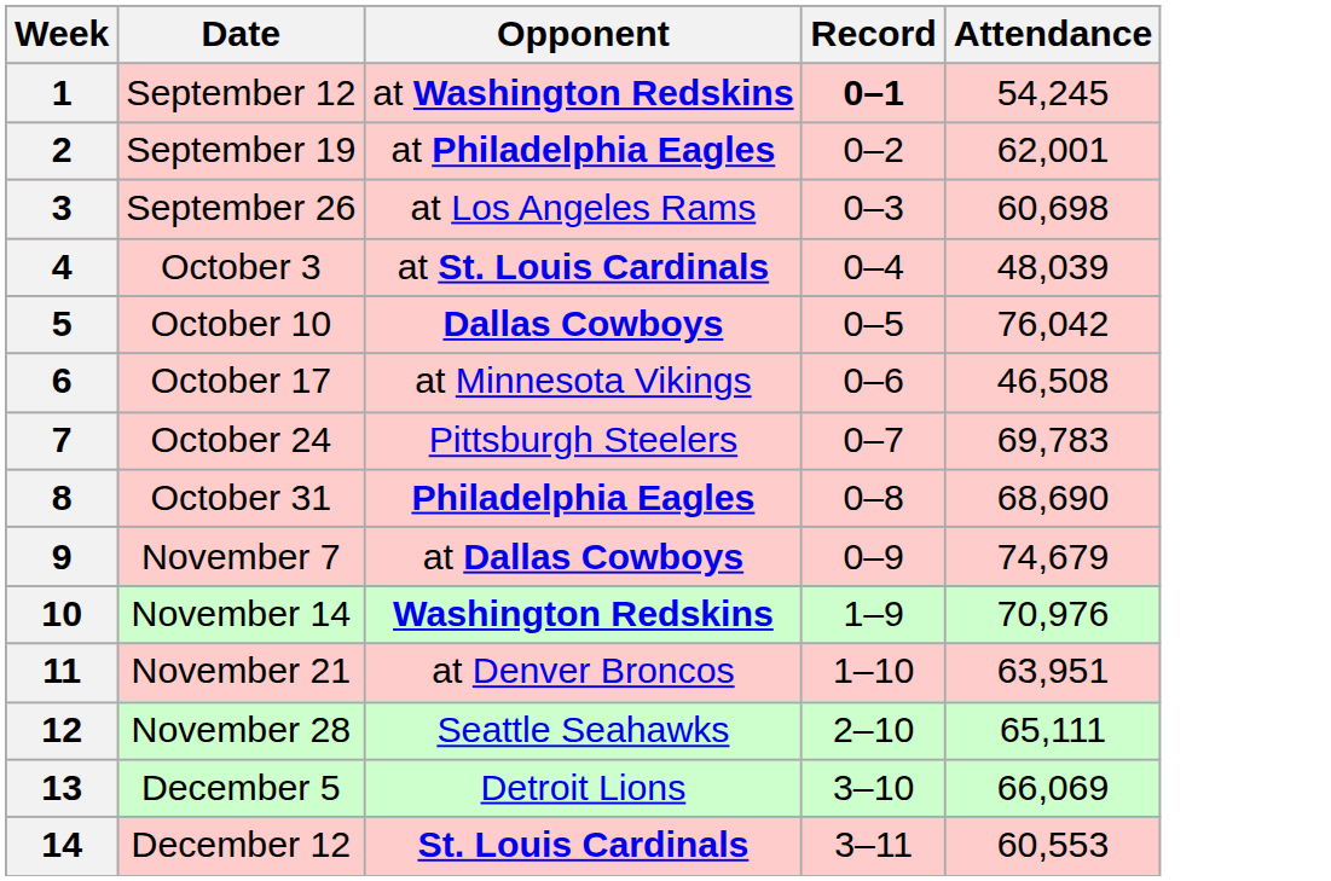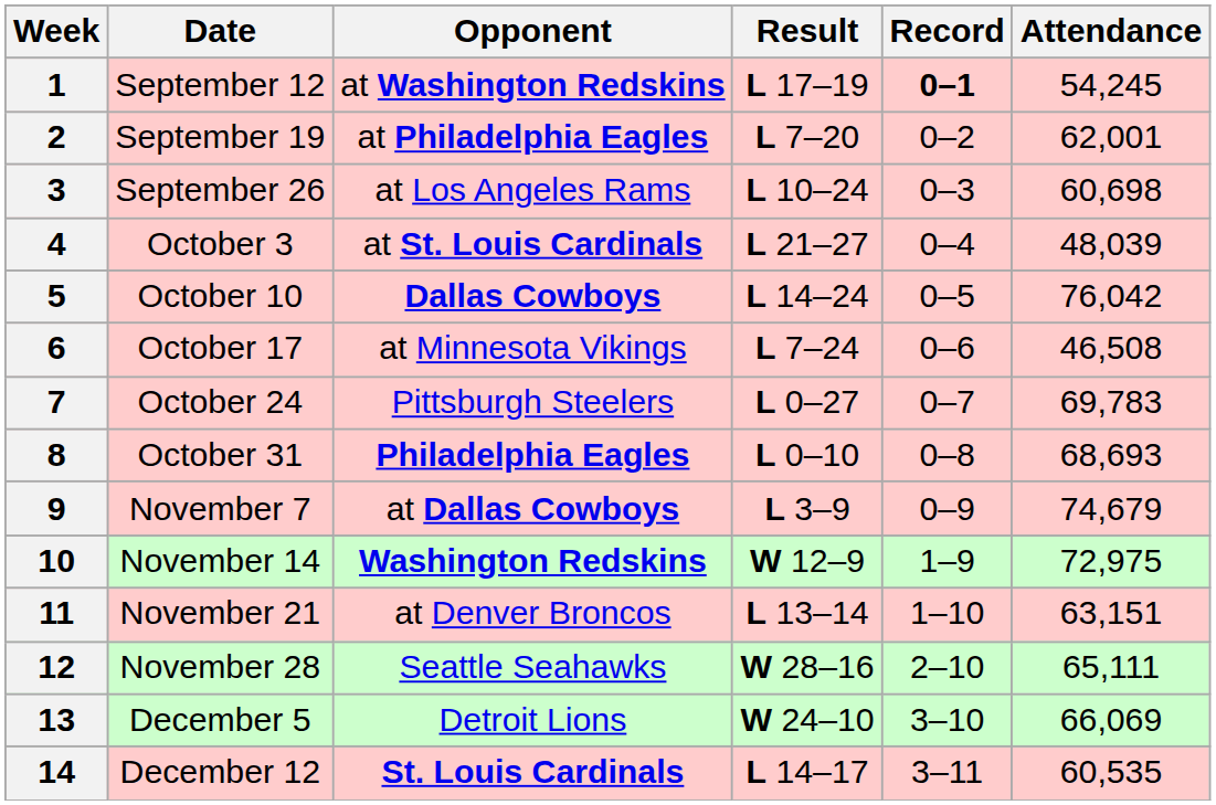 <table class="wikitable" style="text-align:center">
 <tr>
 <th>Week</th>
 <th>Date</th>
 <th>Opponent</th>
+<th>Result</th>
 <th>Record</th>
 <th>Attendance</th>
 </tr>
 <tr style="background:#fcc">
 <th>1</th>
 <td>September 12</td>
 <td>at <strong><a href='#'>Washington Redskins</a></strong></td>
+<td><strong>L</strong> 17–19</td>
 <td><strong>0–1</strong></td>
 <td>54,245</td>
 </tr>
 <tr style="background:#fcc">
 <th>2</th>
 <td>September 19</td>
 <td>at <strong><a href='#'>Philadelphia Eagles</a></strong></td>
+<td><strong>L</strong> 7–20</td>
 <td>0–2</td>
 <td>62,001</td>
 </tr>
 <tr style="background:#fcc">
 <th>3</th>
 <td>September 26</td>
 <td>at <a href='#'>Los Angeles Rams</a></td>
+<td><strong>L</strong> 10–24</td>
 <td>0–3</td>
 <td>60,698</td>
 </tr>
 <tr style="background:#fcc">
 <th>4</th>
 <td>October 3</td>
 <td>at <strong><a href='#'>St. Louis Cardinals</a></strong></td>
+<td><strong>L</strong> 21–27</td>
 <td>0–4</td>
 <td>48,039</td>
 </tr>
 <tr style="background:#fcc">
 <th>5</th>
 <td>October 10</td>
 <td><strong><a href='#'>Dallas Cowboys</a></strong></td>
+<td><strong>L</strong> 14–24</td>
 <td>0–5</td>
 <td>76,042</td>
 </tr>
 <tr style="background:#fcc">
 <th>6</th>
 <td>October 17</td>
 <td>at <a href='#'>Minnesota Vikings</a></td>
+<td><strong>L</strong> 7–24</td>
 <td>0–6</td>
 <td>46,508</td>
 </tr>
 <tr style="background:#fcc">
 <th>7</th>
 <td>October 24</td>
 <td><a href='#'>Pittsburgh Steelers</a></td>
+<td><strong>L</strong> 0–27</td>
 <td>0–7</td>
 <td>69,783</td>
 </tr>
 <tr style="background:#fcc">
 <th>8</th>
 <td>October 31</td>
 <td><strong><a href='#'>Philadelphia Eagles</a></strong></td>
+<td><strong>L</strong> 0–10</td>
 <td>0–8</td>
-<td>68,690</td>
+<td>68,693</td>
 </tr>
 <tr style="background:#fcc">
 <th>9</th>
 <td>November 7</td>
 <td>at <strong><a href='#'>Dallas Cowboys</a></strong></td>
+<td><strong>L</strong> 3–9</td>
 <td>0–9</td>
 <td>74,679</td>
 </tr>
 <tr style="background:#cfc">
 <th>10</th>
 <td>November 14</td>
 <td><strong><a href='#'>Washington Redskins</a></strong></td>
+<td><strong>W</strong> 12–9</td>
 <td>1–9</td>
-<td>70,976</td>
+<td>72,975</td>
 </tr>
 <tr style="background:#fcc">
 <th>11</th>
 <td>November 21</td>
 <td>at <a href='#'>Denver Broncos</a></td>
+<td><strong>L</strong> 13–14</td>
 <td>1–10</td>
-<td>63,951</td>
+<td>63,151</td>
 </tr>
 <tr style="background:#cfc">
 <th>12</th>
 <td>November 28</td>
 <td><a href='#'>Seattle Seahawks</a></td>
+<td><strong>W</strong> 28–16</td>
 <td>2–10</td>
 <td>65,111</td>
 </tr>
 <tr style="background:#cfc">
 <th>13</th>
 <td>December 5</td>
 <td><a href='#'>Detroit Lions</a></td>
+<td><strong>W</strong> 24–10</td>
 <td>3–10</td>
 <td>66,069</td>
 </tr>
 <tr style="background:#fcc">
 <th>14</th>
 <td>December 12</td>
 <td><strong><a href='#'>St. Louis Cardinals</a></strong></td>
+<td><strong>L</strong> 14–17</td>
 <td>3–11</td>
-<td>60,553</td>
+<td>60,535</td>
 </tr>
 </table>
